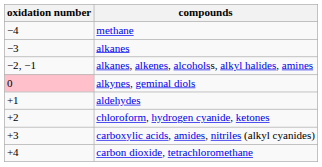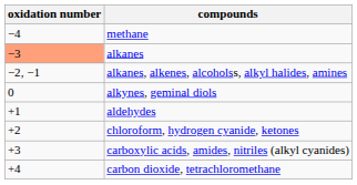 <table class="wikitable">
 <tr>
 <th>oxidation number</th>
 <th>compounds</th>
 </tr>
 <tr>
 <td>−4</td>
 <td><a href='#'>methane</a></td>
 </tr>
 <tr>
-<td>−3</td>
+<td style="background: lightsalmon;">−3</td>
 <td><a href='#'>alkanes</a></td>
 </tr>
 <tr>
 <td>−2, −1</td>
 <td><a href='#'>alkanes</a>,  <a href='#'>alkenes</a>, <a href='#'>alcohols</a>s, <a href='#'>alkyl halides</a>, <a href='#'>amines</a></td>
 </tr>
 <tr>
-<td style="background: pink;">0</td>
+<td>0</td>
 <td><a href='#'>alkynes</a>, <a href='#'>geminal diols</a></td>
 </tr>
 <tr>
 <td>+1</td>
 <td><a href='#'>aldehydes</a></td>
 </tr>
 <tr>
 <td>+2</td>
 <td><a href='#'>chloroform</a>, <a href='#'>hydrogen cyanide</a>, <a href='#'>ketones</a></td>
 </tr>
 <tr>
 <td>+3</td>
 <td><a href='#'>carboxylic acids</a>, <a href='#'>amides</a>, <a href='#'>nitriles</a> (alkyl cyanides)</td>
 </tr>
 <tr>
 <td>+4</td>
 <td><a href='#'>carbon dioxide</a>, <a href='#'>tetrachloromethane</a></td>
 </tr>
 </table>
